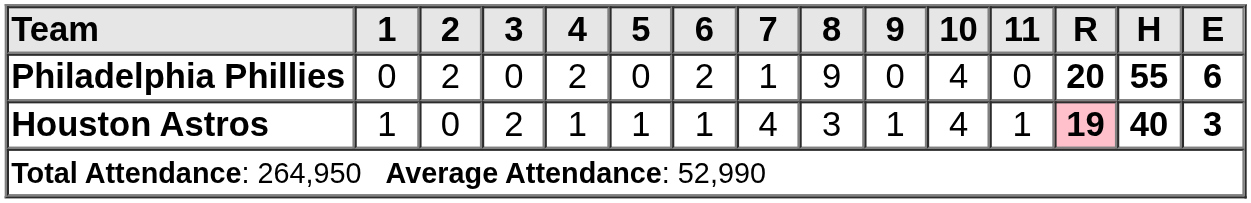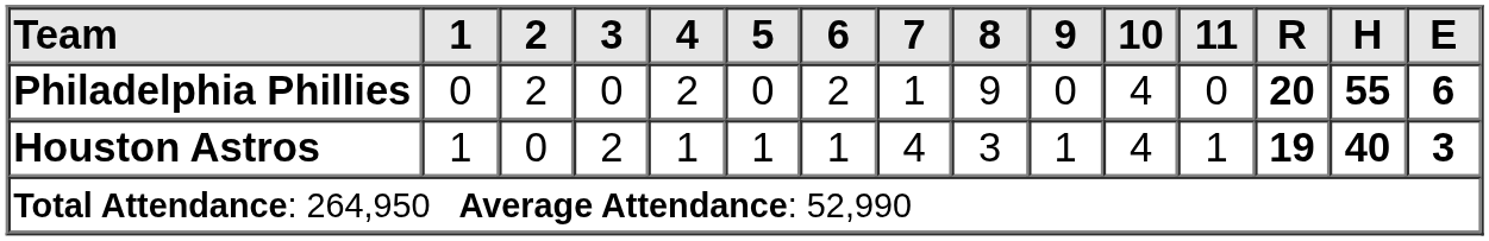 <table border="1" cellspacing="0"  style="width:575px; margin-left:3em;">
 <tr style="text-align:center; background:#e6e6e6;">
 <th style="text-align:left; width:155px;">Team</th>
 <th width=25>1</th>
 <th width=25>2</th>
 <th width=25>3</th>
 <th width=25>4</th>
 <th width=25>5</th>
 <th width=25>6</th>
 <th width=25>7</th>
 <th width=25>8</th>
 <th width=25>9</th>
 <th width=25>10</th>
 <th width=25>11</th>
 <th width=25>R</th>
 <th width=25>H</th>
 <th width=25>E</th>
 </tr>
 <tr style="text-align:center;">
 <td align=left><strong>Philadelphia Phillies</strong></td>
 <td>0</td>
 <td>2</td>
 <td>0</td>
 <td>2</td>
 <td>0</td>
 <td>2</td>
 <td>1</td>
 <td>9</td>
 <td>0</td>
 <td>4</td>
 <td>0</td>
 <td><strong>20</strong></td>
 <td><strong>55</strong></td>
 <td><strong>6</strong></td>
 </tr>
 <tr style="text-align:center;">
 <td align=left><strong>Houston Astros</strong></td>
 <td>1</td>
 <td>0</td>
 <td>2</td>
 <td>1</td>
 <td>1</td>
 <td>1</td>
 <td>4</td>
 <td>3</td>
 <td>1</td>
 <td>4</td>
 <td>1</td>
-<td style="background: pink;"><strong>19</strong></td>
+<td><strong>19</strong></td>
 <td><strong>40</strong></td>
 <td><strong>3</strong></td>
 </tr>
 <tr style="text-align:left;">
 <td colspan=16><small><strong>Total Attendance</strong>: 264,950   <strong>Average Attendance</strong>: 52,990</small></td>
 </tr>
 </table>
